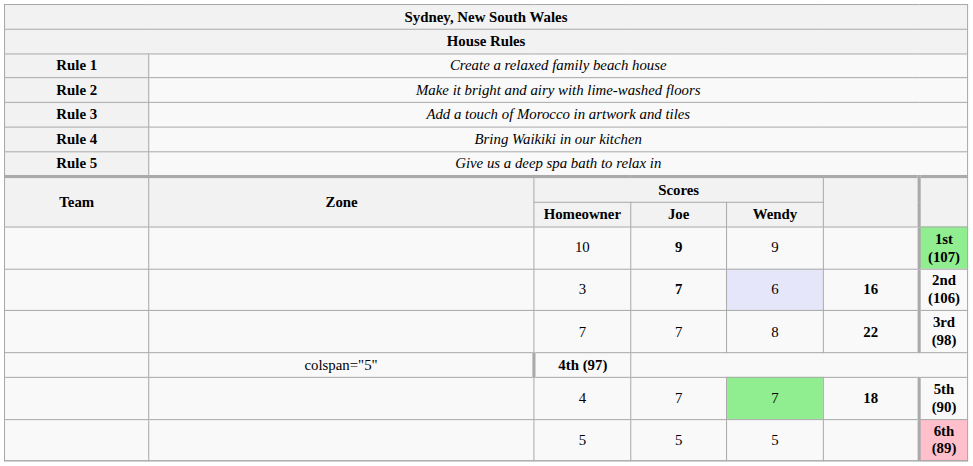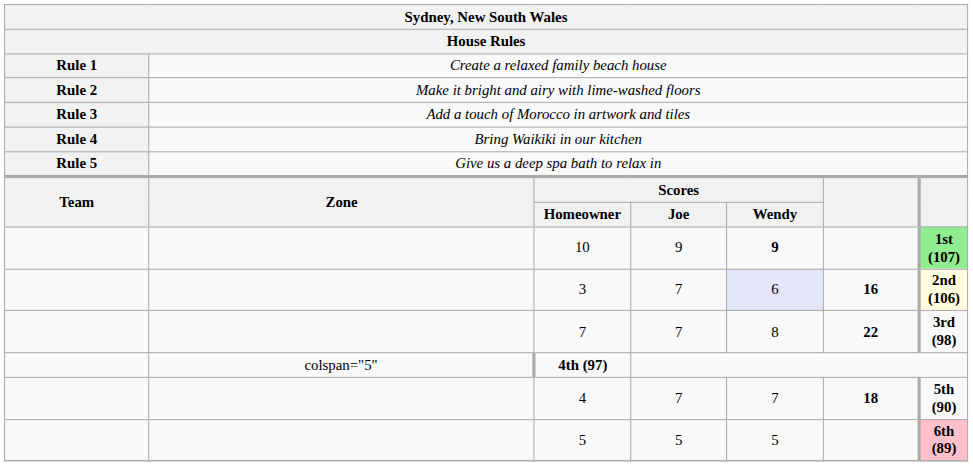 <table class="wikitable plainrowheaders" style="text-align:center; font-size:90%; width:65em;">
 <tr>
 <th colspan="7" >Sydney, New South Wales</th>
 </tr>
 <tr>
 <th colspan="7">House Rules</th>
 </tr>
 <tr>
 <th>Rule 1</th>
 <td colspan="6"><em>Create a relaxed family beach house</em></td>
 </tr>
 <tr>
 <th>Rule 2</th>
 <td colspan="6"><em>Make it bright and airy with lime-washed floors</em></td>
 </tr>
 <tr>
 <th>Rule 3</th>
 <td colspan="6"><em>Add a touch of Morocco in artwork and tiles</em></td>
 </tr>
 <tr>
 <th>Rule 4</th>
 <td colspan="6"><em>Bring Waikiki in our kitchen</em></td>
 </tr>
 <tr>
 <th>Rule 5</th>
 <td colspan="6"><em>Give us a deep spa bath to relax in</em></td>
 </tr>
 <tr style="border-top:3px solid #aaa;">
 <th rowspan="2">Team</th>
 <th rowspan="2" style="width:40%;">Zone</th>
 <th colspan="3" style="width:40%;">Scores</th>
 <th rowspan="2" style="width:10%;"></th>
 <th rowspan="2" style="width:10%; border-left:3px solid #aaa;"></th>
 </tr>
 <tr>
 <th style="width:10%;">Homeowner</th>
 <th style="width:10%;">Joe</th>
 <th style="width:10%;">Wendy</th>
 </tr>
 <tr>
 <td style="width:15%;"></td>
 <td></td>
 <td>10</td>
+<td>9</td>
 <td><strong>9</strong></td>
-<td>9</td>
 <td></td>
 <td style="border-left:3px solid #aaa;" bgcolor="lightgreen"><strong>1st (107)</strong></td>
 </tr>
 <tr>
 <td style="width:15%;"></td>
 <td></td>
 <td>3</td>
-<td><strong>7</strong></td>
+<td>7</td>
 <td style="background: lavender;">6</td>
 <td><strong>16</strong></td>
-<td style="border-left:3px solid #aaa;"><strong>2nd (106)</strong></td>
+<td style="background: lightyellow; border-left:3px solid #aaa;"><strong>2nd (106)</strong></td>
 </tr>
 <tr>
 <td style="width:15%;"></td>
 <td></td>
 <td>7</td>
 <td>7</td>
 <td>8</td>
 <td><strong>22</strong></td>
 <td style="border-left:3px solid #aaa;"><strong>3rd (98)</strong></td>
 </tr>
 <tr>
 <td style="width:15%;"></td>
 <td>colspan="5" </td>
 <td style="border-left:3px solid #aaa;"><strong>4th (97)</strong></td>
 </tr>
 <tr>
 <td style="width:15%;"></td>
 <td></td>
 <td>4</td>
 <td>7</td>
-<td style="background: lightgreen;">7</td>
+<td>7</td>
 <td><strong>18</strong></td>
 <td style="border-left:3px solid #aaa;"><strong>5th (90)</strong></td>
 </tr>
 <tr>
 <td style="width:15%;"></td>
 <td></td>
 <td>5</td>
 <td>5</td>
 <td>5</td>
 <td></td>
 <td style="border-left:3px solid #aaa;" bgcolor="pink"><strong>6th (89)</strong></td>
 </tr>
 <tr>
 </tr>
 </table>
